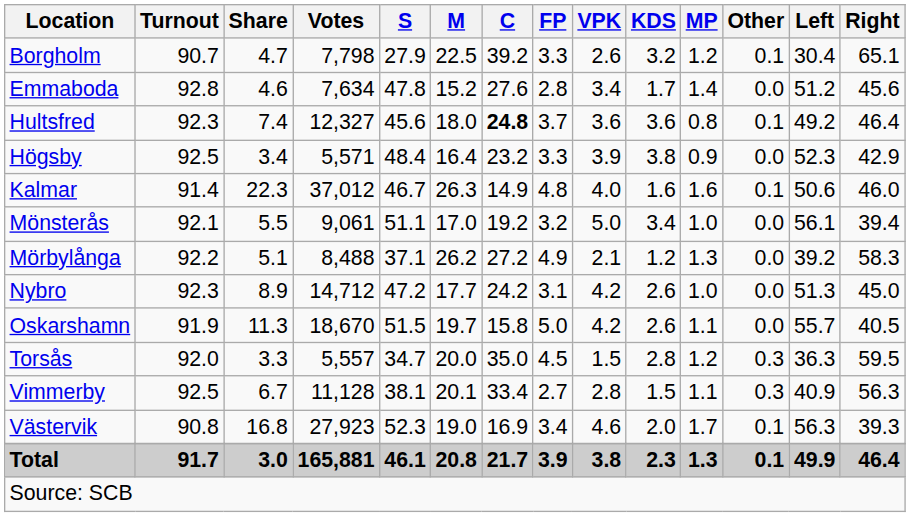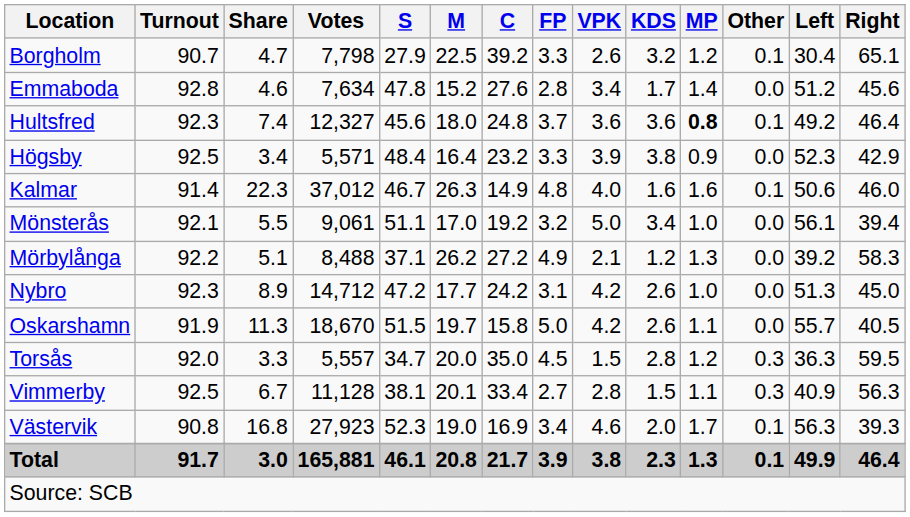 <table class="wikitable sortable" style=text-align:right>
 <tr>
 <th>Location</th>
 <th>Turnout</th>
 <th>Share</th>
 <th>Votes</th>
 <th><a href='#'>S</a></th>
 <th><a href='#'>M</a></th>
 <th><a href='#'>C</a></th>
 <th><a href='#'>FP</a></th>
 <th><a href='#'>VPK</a></th>
 <th><a href='#'>KDS</a></th>
 <th><a href='#'>MP</a></th>
 <th>Other</th>
 <th>Left</th>
 <th>Right</th>
 </tr>
 <tr>
 <td align=left><a href='#'>Borgholm</a></td>
 <td>90.7</td>
 <td>4.7</td>
 <td>7,798</td>
 <td>27.9</td>
 <td>22.5</td>
 <td>39.2</td>
 <td>3.3</td>
 <td>2.6</td>
 <td>3.2</td>
 <td>1.2</td>
 <td>0.1</td>
 <td>30.4</td>
 <td>65.1</td>
 </tr>
 <tr>
 <td align=left><a href='#'>Emmaboda</a></td>
 <td>92.8</td>
 <td>4.6</td>
 <td>7,634</td>
 <td>47.8</td>
 <td>15.2</td>
 <td>27.6</td>
 <td>2.8</td>
 <td>3.4</td>
 <td>1.7</td>
 <td>1.4</td>
 <td>0.0</td>
 <td>51.2</td>
 <td>45.6</td>
 </tr>
 <tr>
 <td align=left><a href='#'>Hultsfred</a></td>
 <td>92.3</td>
 <td>7.4</td>
 <td>12,327</td>
 <td>45.6</td>
 <td>18.0</td>
-<td><strong>24.8</strong></td>
+<td>24.8</td>
 <td>3.7</td>
 <td>3.6</td>
 <td>3.6</td>
-<td>0.8</td>
+<td><strong>0.8</strong></td>
 <td>0.1</td>
 <td>49.2</td>
 <td>46.4</td>
 </tr>
 <tr>
 <td align=left><a href='#'>Högsby</a></td>
 <td>92.5</td>
 <td>3.4</td>
 <td>5,571</td>
 <td>48.4</td>
 <td>16.4</td>
 <td>23.2</td>
 <td>3.3</td>
 <td>3.9</td>
 <td>3.8</td>
 <td>0.9</td>
 <td>0.0</td>
 <td>52.3</td>
 <td>42.9</td>
 </tr>
 <tr>
 <td align=left><a href='#'>Kalmar</a></td>
 <td>91.4</td>
 <td>22.3</td>
 <td>37,012</td>
 <td>46.7</td>
 <td>26.3</td>
 <td>14.9</td>
 <td>4.8</td>
 <td>4.0</td>
 <td>1.6</td>
 <td>1.6</td>
 <td>0.1</td>
 <td>50.6</td>
 <td>46.0</td>
 </tr>
 <tr>
 <td align=left><a href='#'>Mönsterås</a></td>
 <td>92.1</td>
 <td>5.5</td>
 <td>9,061</td>
 <td>51.1</td>
 <td>17.0</td>
 <td>19.2</td>
 <td>3.2</td>
 <td>5.0</td>
 <td>3.4</td>
 <td>1.0</td>
 <td>0.0</td>
 <td>56.1</td>
 <td>39.4</td>
 </tr>
 <tr>
 <td align=left><a href='#'>Mörbylånga</a></td>
 <td>92.2</td>
 <td>5.1</td>
 <td>8,488</td>
 <td>37.1</td>
 <td>26.2</td>
 <td>27.2</td>
 <td>4.9</td>
 <td>2.1</td>
 <td>1.2</td>
 <td>1.3</td>
 <td>0.0</td>
 <td>39.2</td>
 <td>58.3</td>
 </tr>
 <tr>
 <td align=left><a href='#'>Nybro</a></td>
 <td>92.3</td>
 <td>8.9</td>
 <td>14,712</td>
 <td>47.2</td>
 <td>17.7</td>
 <td>24.2</td>
 <td>3.1</td>
 <td>4.2</td>
 <td>2.6</td>
 <td>1.0</td>
 <td>0.0</td>
 <td>51.3</td>
 <td>45.0</td>
 </tr>
 <tr>
 <td align=left><a href='#'>Oskarshamn</a></td>
 <td>91.9</td>
 <td>11.3</td>
 <td>18,670</td>
 <td>51.5</td>
 <td>19.7</td>
 <td>15.8</td>
 <td>5.0</td>
 <td>4.2</td>
 <td>2.6</td>
 <td>1.1</td>
 <td>0.0</td>
 <td>55.7</td>
 <td>40.5</td>
 </tr>
 <tr>
 <td align=left><a href='#'>Torsås</a></td>
 <td>92.0</td>
 <td>3.3</td>
 <td>5,557</td>
 <td>34.7</td>
 <td>20.0</td>
 <td>35.0</td>
 <td>4.5</td>
 <td>1.5</td>
 <td>2.8</td>
 <td>1.2</td>
 <td>0.3</td>
 <td>36.3</td>
 <td>59.5</td>
 </tr>
 <tr>
 <td align=left><a href='#'>Vimmerby</a></td>
 <td>92.5</td>
 <td>6.7</td>
 <td>11,128</td>
 <td>38.1</td>
 <td>20.1</td>
 <td>33.4</td>
 <td>2.7</td>
 <td>2.8</td>
 <td>1.5</td>
 <td>1.1</td>
 <td>0.3</td>
 <td>40.9</td>
 <td>56.3</td>
 </tr>
 <tr>
 <td align=left><a href='#'>Västervik</a></td>
 <td>90.8</td>
 <td>16.8</td>
 <td>27,923</td>
 <td>52.3</td>
 <td>19.0</td>
 <td>16.9</td>
 <td>3.4</td>
 <td>4.6</td>
 <td>2.0</td>
 <td>1.7</td>
 <td>0.1</td>
 <td>56.3</td>
 <td>39.3</td>
 </tr>
 <tr>
 </tr>
 <tr style="background:#CDCDCD;">
 <td align=left><strong>Total</strong></td>
 <td><strong>91.7</strong></td>
 <td><strong>3.0</strong></td>
 <td><strong>165,881</strong></td>
 <td><strong>46.1</strong></td>
 <td><strong>20.8</strong></td>
 <td><strong>21.7</strong></td>
 <td><strong>3.9</strong></td>
 <td><strong>3.8</strong></td>
 <td><strong>2.3</strong></td>
 <td><strong>1.3</strong></td>
 <td><strong>0.1</strong></td>
 <td><strong>49.9</strong></td>
 <td><strong>46.4</strong></td>
 </tr>
 <tr>
 <td align=left colspan=14>Source: SCB </td>
 </tr>
 </table>
